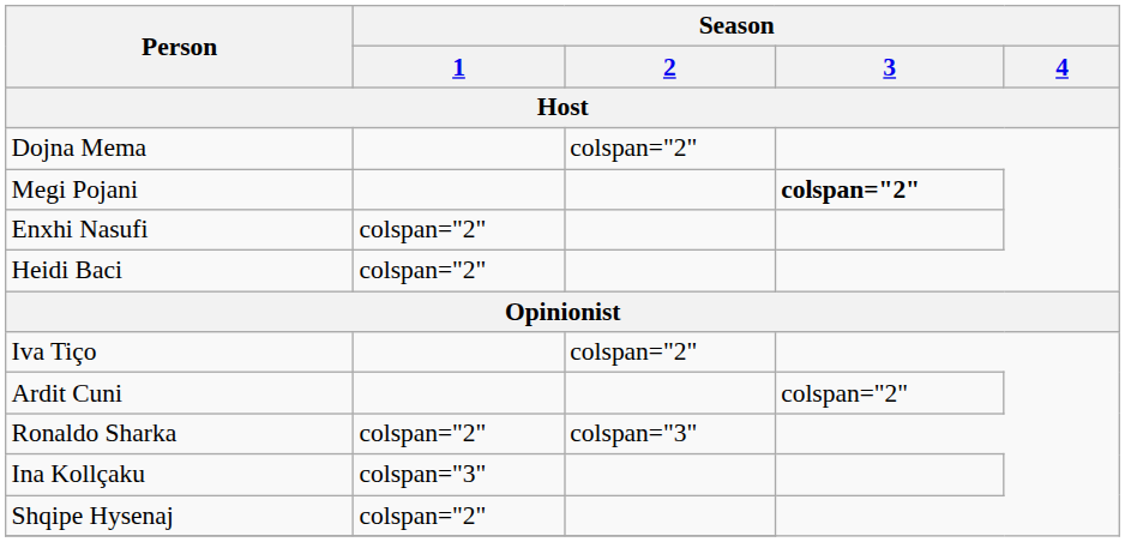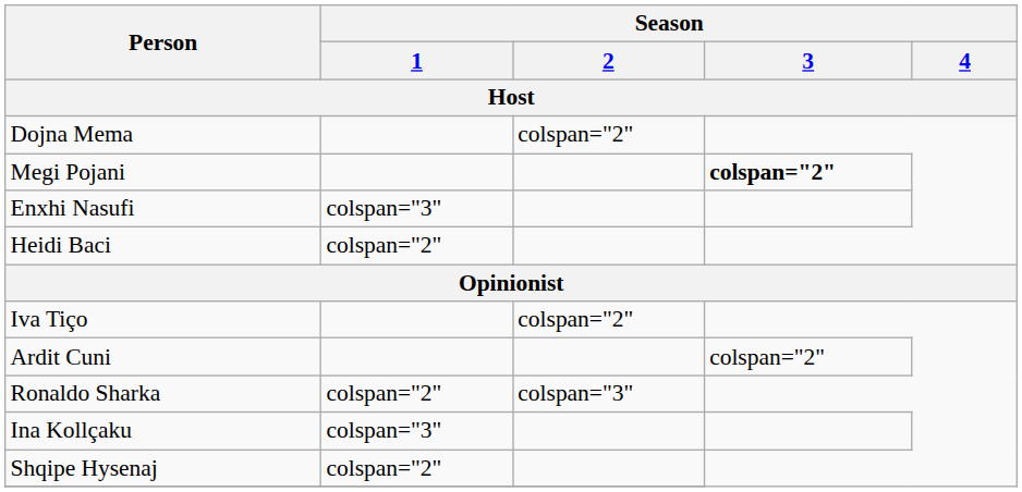 <table class="wikitable" style="width:35%">
 <tr>
 <th rowspan="2" style="width:135px">Person</th>
 <th colspan="4">Season</th>
 </tr>
 <tr>
 <th style="width:40px"><a href='#'>1</a></th>
 <th style="width:40px"><a href='#'>2</a></th>
 <th style="width:40px"><a href='#'>3</a></th>
 <th style="width:40px"><a href='#'>4</a></th>
 </tr>
 <tr>
 <th colspan="5">Host</th>
 </tr>
 <tr>
 <td>Dojna Mema</td>
 <td></td>
 <td>colspan="2" </td>
 </tr>
 <tr>
 <td>Megi Pojani</td>
 <td></td>
 <td></td>
 <td><strong>colspan="2" </strong></td>
 </tr>
 <tr>
 <td>Enxhi Nasufi</td>
-<td>colspan="2" </td>
+<td>colspan="3" </td>
 <td></td>
 <td></td>
 </tr>
 <tr>
 <td>Heidi Baci</td>
 <td>colspan="2" </td>
 <td></td>
 </tr>
 <tr>
 <th colspan="5">Opinionist</th>
 </tr>
 <tr>
 <td>Iva Tiço</td>
 <td></td>
 <td>colspan="2" </td>
 </tr>
 <tr>
 <td>Ardit Cuni</td>
 <td></td>
 <td></td>
 <td>colspan="2" </td>
 </tr>
 <tr>
 <td>Ronaldo Sharka</td>
 <td>colspan="2" </td>
 <td>colspan="3" </td>
 </tr>
 <tr>
 <td>Ina Kollçaku</td>
 <td>colspan="3" </td>
 <td></td>
 <td></td>
 </tr>
 <tr>
 <td>Shqipe Hysenaj</td>
 <td>colspan="2" </td>
 <td></td>
 </tr>
 <tr>
 </tr>
 </table>
